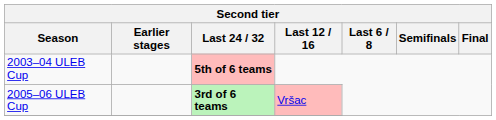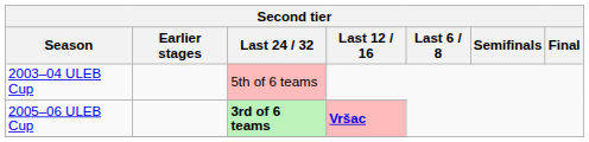 <table class="wikitable" style="font-size:90%">
 <tr>
 <th colspan=7>Second tier</th>
 </tr>
 <tr>
 <th>Season</th>
 <th>Earlier stages</th>
 <th>Last 24 / 32</th>
 <th>Last 12 / 16</th>
 <th>Last 6 / 8</th>
 <th>Semifinals</th>
 <th>Final</th>
 </tr>
 <tr>
 <td><a href='#'>2003–04 ULEB Cup</a></td>
 <td></td>
-<td bgcolor=#FFBBBB><strong>5th of 6 teams</strong></td>
+<td bgcolor=#FFBBBB>5th of 6 teams</td>
 </tr>
 <tr>
 <td><a href='#'>2005–06 ULEB Cup</a></td>
 <td></td>
 <td bgcolor=#BBF3BB><strong>3rd of 6 teams</strong></td>
-<td bgcolor=#FFBBBB> <a href='#'>Vršac</a></td>
+<td bgcolor=#FFBBBB><strong> <a href='#'>Vršac</a></strong></td>
 </tr>
 <tr>
 </tr>
 </table>
